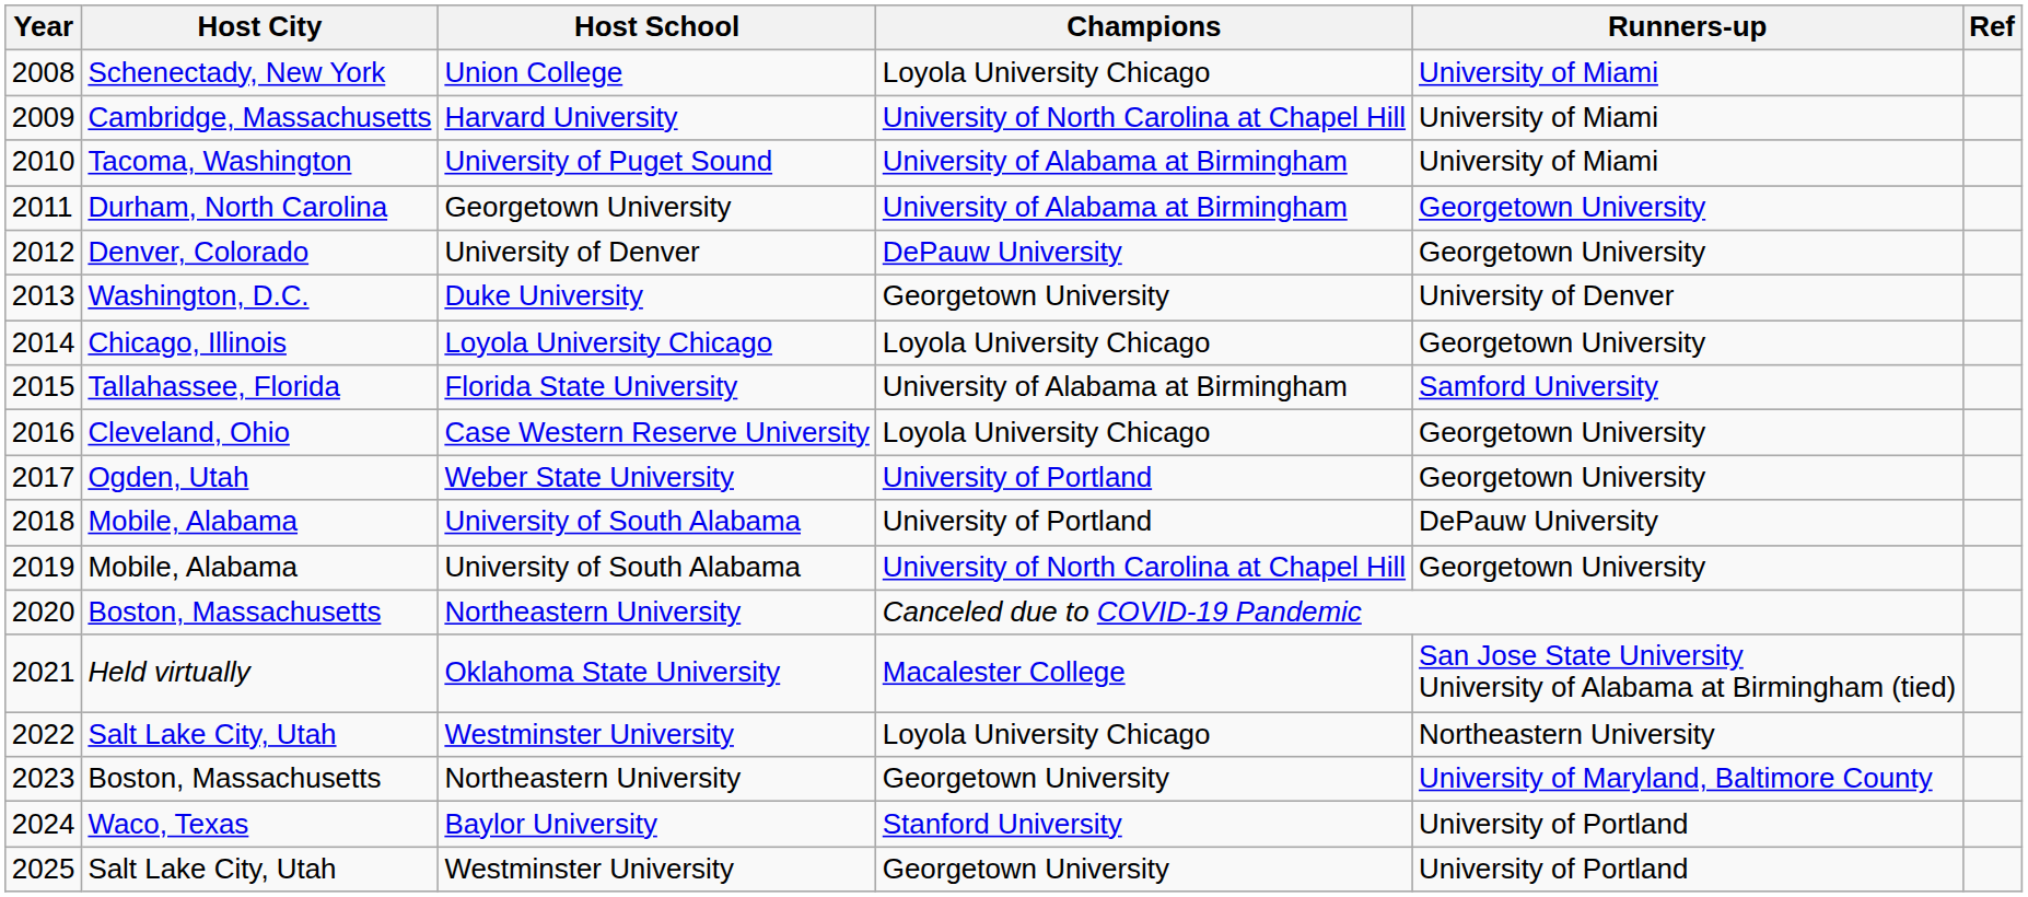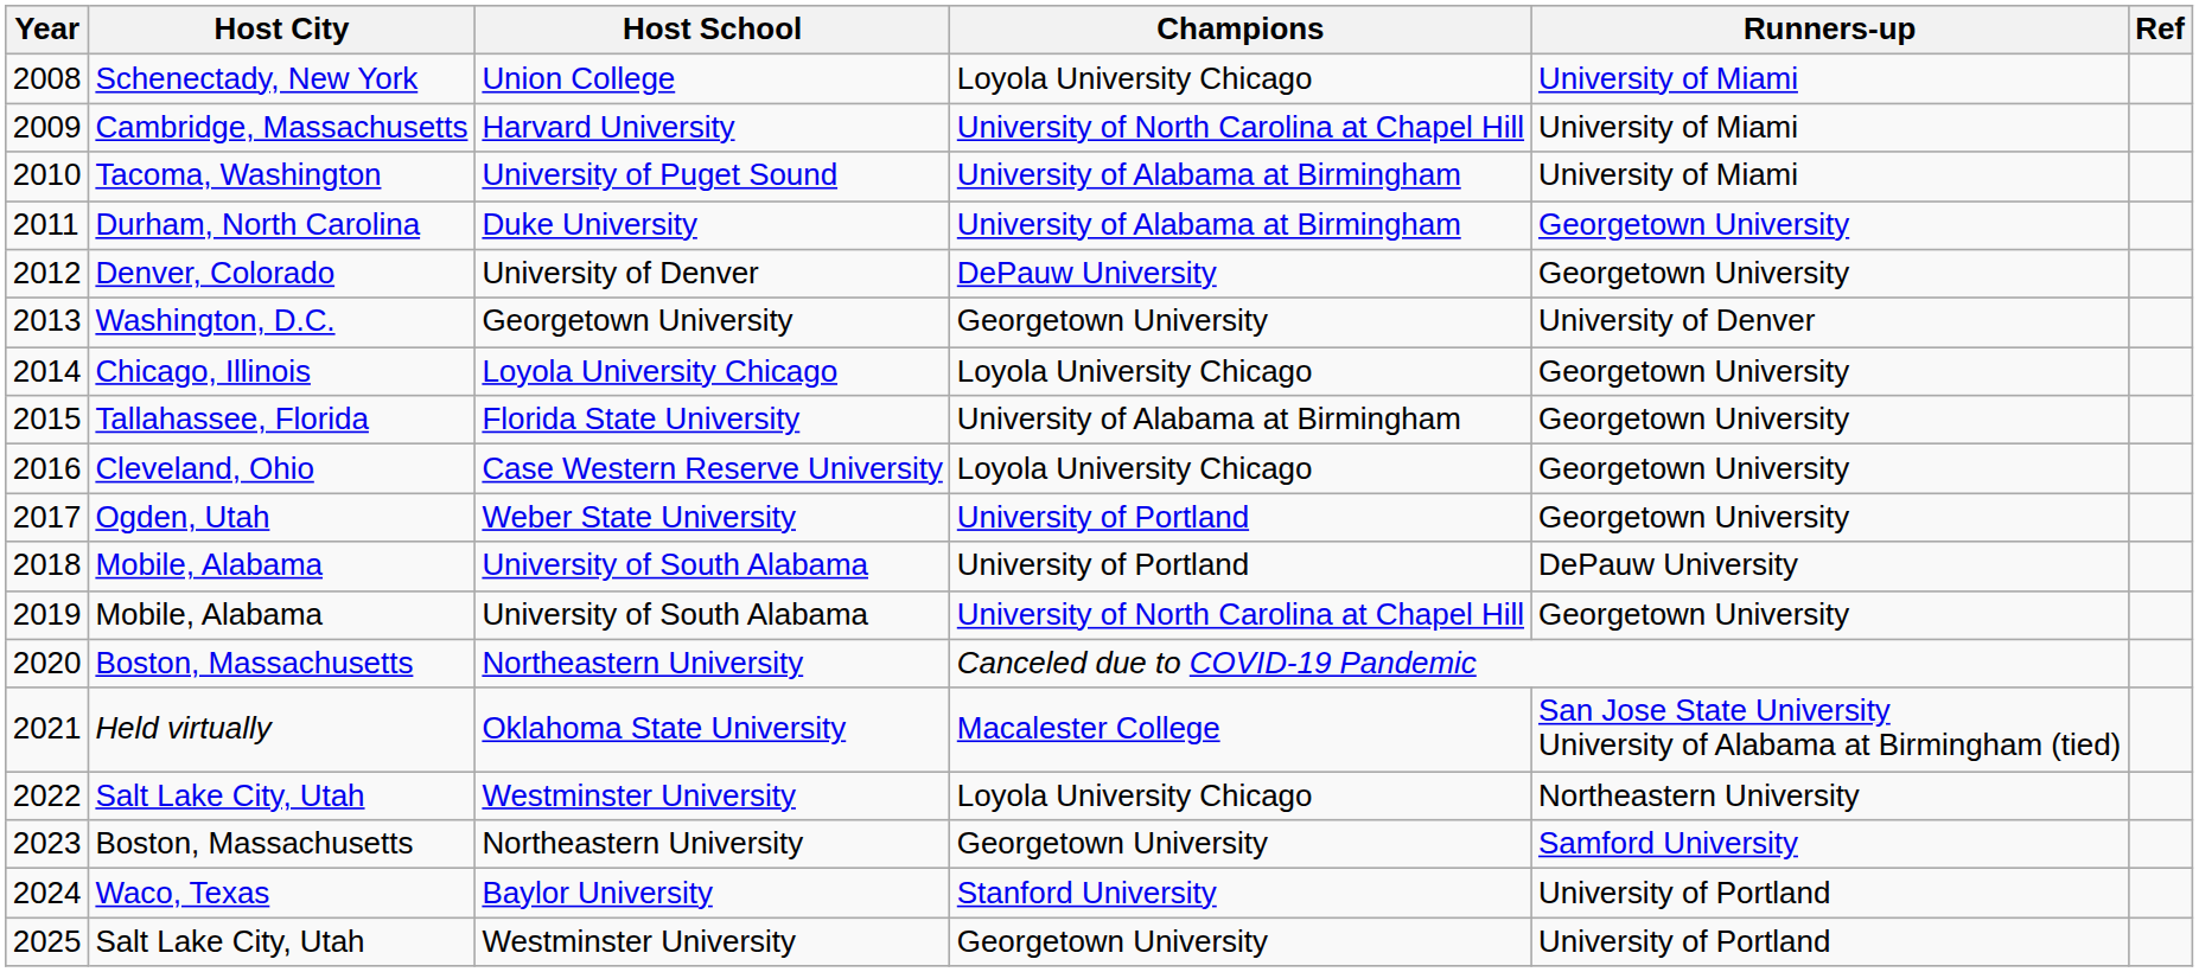 <table class="wikitable">
 <tr>
 <th>Year</th>
 <th>Host City</th>
 <th>Host School</th>
 <th>Champions</th>
 <th>Runners-up</th>
 <th>Ref</th>
 </tr>
 <tr>
 <td>2008</td>
 <td><a href='#'>Schenectady, New York</a></td>
 <td><a href='#'>Union College</a></td>
 <td>Loyola University Chicago</td>
 <td><a href='#'>University of Miami</a></td>
 <td></td>
 </tr>
 <tr>
 <td>2009</td>
 <td><a href='#'>Cambridge, Massachusetts</a></td>
 <td><a href='#'>Harvard University</a></td>
 <td><a href='#'>University of North Carolina at Chapel Hill</a></td>
 <td>University of Miami</td>
 <td></td>
 </tr>
 <tr>
 <td>2010</td>
 <td><a href='#'>Tacoma, Washington</a></td>
 <td><a href='#'>University of Puget Sound</a></td>
 <td><a href='#'>University of Alabama at Birmingham</a></td>
 <td>University of Miami</td>
 <td></td>
 </tr>
 <tr>
 <td>2011</td>
 <td><a href='#'>Durham, North Carolina</a></td>
-<td>Georgetown University</td>
+<td><a href='#'>Duke University</a></td>
 <td><a href='#'>University of Alabama at Birmingham</a></td>
 <td><a href='#'>Georgetown University</a></td>
 <td></td>
 </tr>
 <tr>
 <td>2012</td>
 <td><a href='#'>Denver, Colorado</a></td>
 <td>University of Denver</td>
 <td><a href='#'>DePauw University</a></td>
 <td>Georgetown University</td>
 <td></td>
 </tr>
 <tr>
 <td>2013</td>
 <td><a href='#'>Washington, D.C.</a></td>
-<td><a href='#'>Duke University</a></td>
+<td>Georgetown University</td>
 <td>Georgetown University</td>
 <td>University of Denver</td>
 <td></td>
 </tr>
 <tr>
 <td>2014</td>
 <td><a href='#'>Chicago, Illinois</a></td>
 <td><a href='#'>Loyola University Chicago</a></td>
 <td>Loyola University Chicago</td>
 <td>Georgetown University</td>
 <td></td>
 </tr>
 <tr>
 <td>2015</td>
 <td><a href='#'>Tallahassee, Florida</a></td>
 <td><a href='#'>Florida State University</a></td>
 <td>University of Alabama at Birmingham</td>
-<td><a href='#'>Samford University</a></td>
+<td>Georgetown University</td>
 <td></td>
 </tr>
 <tr>
 <td>2016</td>
 <td><a href='#'>Cleveland, Ohio</a></td>
 <td><a href='#'>Case Western Reserve University</a></td>
 <td>Loyola University Chicago</td>
 <td>Georgetown University</td>
 <td></td>
 </tr>
 <tr>
 <td>2017</td>
 <td><a href='#'>Ogden, Utah</a></td>
 <td><a href='#'>Weber State University</a></td>
 <td><a href='#'>University of Portland</a></td>
 <td>Georgetown University</td>
 <td></td>
 </tr>
 <tr>
 <td>2018</td>
 <td><a href='#'>Mobile, Alabama</a></td>
 <td><a href='#'>University of South Alabama</a></td>
 <td>University of Portland</td>
 <td>DePauw University</td>
 <td></td>
 </tr>
 <tr>
 <td>2019</td>
 <td>Mobile, Alabama</td>
 <td>University of South Alabama</td>
 <td><a href='#'>University of North Carolina at Chapel Hill</a></td>
 <td>Georgetown University</td>
 <td></td>
 </tr>
 <tr>
 <td>2020</td>
 <td><a href='#'>Boston, Massachusetts</a></td>
 <td><a href='#'>Northeastern University</a></td>
 <td colspan="2"><em>Canceled due to <a href='#'>COVID-19 Pandemic</a></em></td>
 <td></td>
 </tr>
 <tr>
 <td>2021</td>
 <td><em>Held virtually</em></td>
 <td><a href='#'>Oklahoma State University</a></td>
 <td><a href='#'>Macalester College</a></td>
 <td><a href='#'>San Jose State University</a><br>University of Alabama at Birmingham (tied)</td>
 <td></td>
 </tr>
 <tr>
 <td>2022</td>
 <td><a href='#'>Salt Lake City, Utah</a></td>
 <td><a href='#'>Westminster University</a></td>
 <td>Loyola University Chicago</td>
 <td>Northeastern University</td>
 <td></td>
 </tr>
 <tr>
 <td>2023</td>
 <td>Boston, Massachusetts</td>
 <td>Northeastern University</td>
 <td>Georgetown University</td>
-<td><a href='#'>University of Maryland, Baltimore County</a></td>
+<td><a href='#'>Samford University</a></td>
 <td></td>
 </tr>
 <tr>
 <td>2024</td>
 <td><a href='#'>Waco, Texas</a></td>
 <td><a href='#'>Baylor University</a></td>
 <td><a href='#'>Stanford University</a></td>
 <td>University of Portland</td>
 <td></td>
 </tr>
 <tr>
 <td>2025</td>
 <td>Salt Lake City, Utah</td>
 <td>Westminster University</td>
 <td>Georgetown University</td>
 <td>University of Portland</td>
 <td></td>
 </tr>
 </table>
